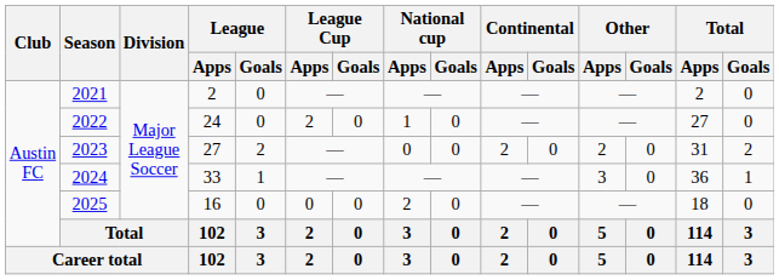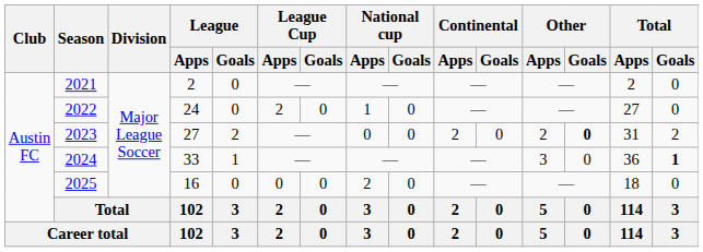 <table class=wikitable style=text-align:center>
 <tr>
 <th rowspan=2>Club</th>
 <th rowspan=2>Season</th>
 <th rowspan=2>Division</th>
 <th colspan=2>League</th>
 <th colspan=2>League Cup</th>
 <th colspan=2>National cup</th>
 <th colspan=2>Continental</th>
 <th colspan=2>Other</th>
 <th colspan=2>Total</th>
 </tr>
 <tr>
 <th>Apps</th>
 <th>Goals</th>
 <th>Apps</th>
 <th>Goals</th>
 <th>Apps</th>
 <th>Goals</th>
 <th>Apps</th>
 <th>Goals</th>
 <th>Apps</th>
 <th>Goals</th>
 <th>Apps</th>
 <th>Goals</th>
 </tr>
 <tr>
 <td rowspan=6><a href='#'>Austin FC</a></td>
 <td><a href='#'>2021</a></td>
 <td rowspan=5><a href='#'>Major League Soccer</a></td>
 <td>2</td>
 <td>0</td>
 <td colspan=2>—</td>
 <td colspan=2>—</td>
 <td colspan=2>—</td>
 <td colspan=2>—</td>
 <td>2</td>
 <td>0</td>
 </tr>
 <tr>
 <td><a href='#'>2022</a></td>
 <td>24</td>
 <td>0</td>
 <td>2</td>
 <td>0</td>
 <td>1</td>
 <td>0</td>
 <td colspan=2>—</td>
 <td colspan=2>—</td>
 <td>27</td>
 <td>0</td>
 </tr>
 <tr>
 <td><a href='#'>2023</a></td>
 <td>27</td>
 <td>2</td>
 <td colspan=2>—</td>
 <td>0</td>
 <td>0</td>
 <td>2</td>
 <td>0</td>
 <td>2</td>
-<td>0</td>
+<td><strong>0</strong></td>
 <td>31</td>
 <td>2</td>
 </tr>
 <tr>
 <td><a href='#'>2024</a></td>
 <td>33</td>
 <td>1</td>
 <td colspan=2>—</td>
 <td colspan=2>—</td>
 <td colspan=2>—</td>
 <td>3</td>
 <td>0</td>
 <td>36</td>
-<td>1</td>
+<td><strong>1</strong></td>
 </tr>
 <tr>
 <td><a href='#'>2025</a></td>
 <td>16</td>
 <td>0</td>
 <td>0</td>
 <td>0</td>
 <td>2</td>
 <td>0</td>
 <td colspan=2>—</td>
 <td colspan=2>—</td>
 <td>18</td>
 <td>0</td>
 </tr>
 <tr>
 <th colspan=2>Total</th>
 <th>102</th>
 <th>3</th>
 <th>2</th>
 <th>0</th>
 <th>3</th>
 <th>0</th>
 <th>2</th>
 <th>0</th>
 <th>5</th>
 <th>0</th>
 <th>114</th>
 <th>3</th>
 </tr>
 <tr>
 <th colspan=3>Career total</th>
 <th>102</th>
 <th>3</th>
 <th>2</th>
 <th>0</th>
 <th>3</th>
 <th>0</th>
 <th>2</th>
 <th>0</th>
 <th>5</th>
 <th>0</th>
 <th>114</th>
 <th>3</th>
 </tr>
 </table>
